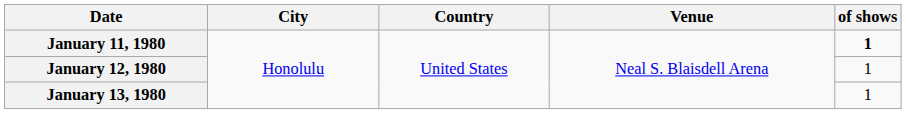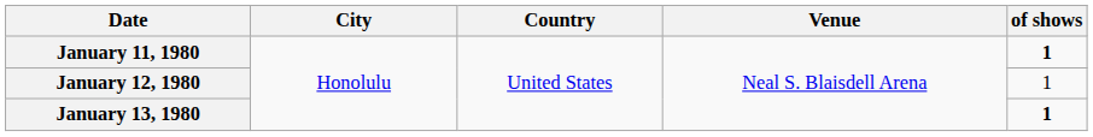 <table class="wikitable plainrowheaders" style="text-align:center;">
 <tr>
 <th scope="col" style="width:12em;">Date</th>
 <th scope="col" style="width:10em;">City</th>
 <th scope="col" style="width:10em;">Country</th>
 <th scope="col" style="width:17em;">Venue</th>
 <th scope="col"> of shows</th>
 </tr>
 <tr>
 <th scope="row" style="text-align:center">January 11, 1980</th>
 <td rowspan="3"><a href='#'>Honolulu</a></td>
 <td rowspan="3"><a href='#'>United States</a></td>
 <td rowspan="3"><a href='#'>Neal S. Blaisdell Arena</a></td>
 <td><strong>1</strong></td>
 </tr>
 <tr>
 <th scope="row" style="text-align:center">January 12, 1980</th>
 <td>1</td>
 </tr>
 <tr>
 <th scope="row" style="text-align:center">January 13, 1980</th>
-<td>1</td>
+<td><strong>1</strong></td>
 </tr>
 </table>
